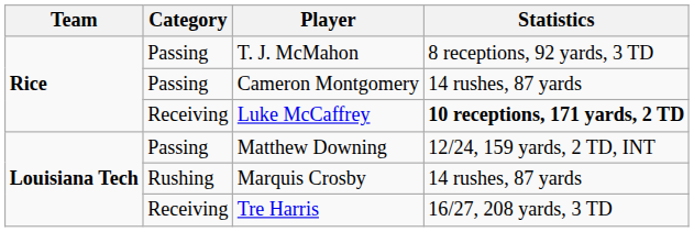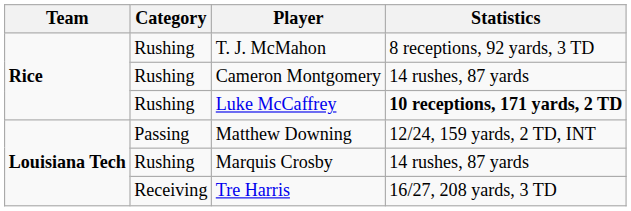 <table class="wikitable" style="float: left;">
 <tr>
 <th>Team</th>
 <th>Category</th>
 <th>Player</th>
 <th>Statistics</th>
 </tr>
 <tr>
 <td rowspan=3><strong>Rice</strong></td>
-<td>Passing</td>
+<td>Rushing</td>
 <td>T. J. McMahon</td>
 <td>8 receptions, 92 yards, 3 TD</td>
 </tr>
 <tr>
-<td>Passing</td>
+<td>Rushing</td>
 <td>Cameron Montgomery</td>
 <td>14 rushes, 87 yards</td>
 </tr>
 <tr>
-<td>Receiving</td>
+<td>Rushing</td>
 <td><a href='#'>Luke McCaffrey</a></td>
 <td><strong>10 receptions, 171 yards, 2 TD</strong></td>
 </tr>
 <tr>
 <td rowspan=3><strong>Louisiana Tech</strong></td>
 <td>Passing</td>
 <td>Matthew Downing</td>
 <td>12/24, 159 yards, 2 TD, INT</td>
 </tr>
 <tr>
 <td>Rushing</td>
 <td>Marquis Crosby</td>
 <td>14 rushes, 87 yards</td>
 </tr>
 <tr>
 <td>Receiving</td>
 <td><a href='#'>Tre Harris</a></td>
 <td>16/27, 208 yards, 3 TD</td>
 </tr>
 </table>
